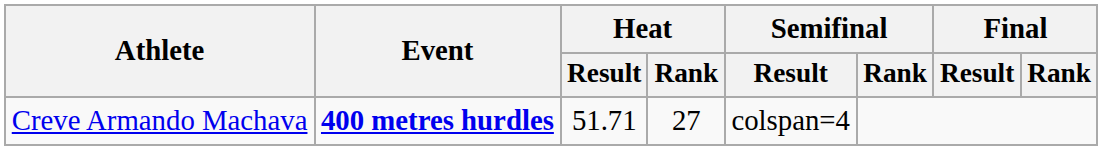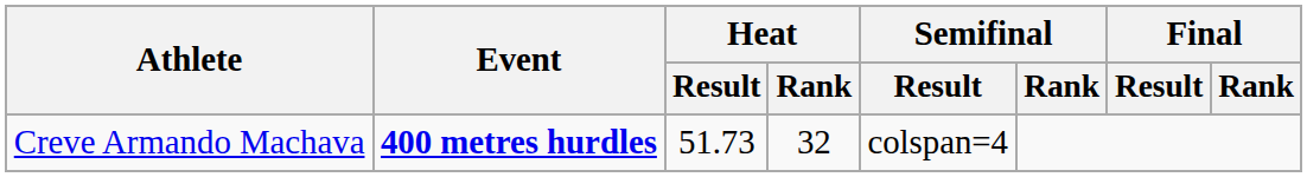 <table class="wikitable" style="font-size:90%">
 <tr>
 <th rowspan="2">Athlete</th>
 <th rowspan="2">Event</th>
 <th colspan="2">Heat</th>
 <th colspan="2">Semifinal</th>
 <th colspan="2">Final</th>
 </tr>
 <tr style="font-size:95%">
 <th>Result</th>
 <th>Rank</th>
 <th>Result</th>
 <th>Rank</th>
 <th>Result</th>
 <th>Rank</th>
 </tr>
 <tr style=text-align:center>
 <td style=text-align:left><a href='#'>Creve Armando Machava</a></td>
 <td style=text-align:left><strong><a href='#'>400 metres hurdles</a></strong></td>
-<td>51.71</td>
-<td>27</td>
+<td>51.73</td>
+<td>32</td>
 <td>colspan=4 </td>
 </tr>
 </table>
